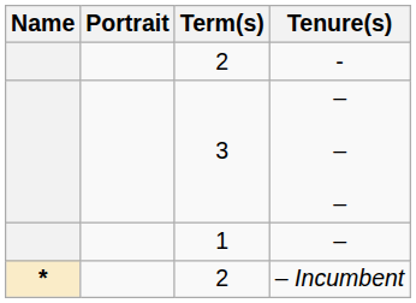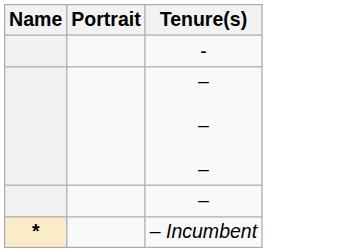 <table class="plainrowheaders wikitable" style="text-align:center">
 <tr align=center>
 <th scope=col>Name</th>
 <th scope=col>Portrait</th>
-<th scope=col>Term(s)</th>
 <th scope=col>Tenure(s)</th>
 </tr>
 <tr>
 <th scope=row></th>
 <td></td>
-<td>2</td>
 <td>- </td>
 </tr>
 <tr>
 <th scope=row></th>
 <td></td>
-<td>3</td>
 <td>–<br><br> – <br><br> – <br></td>
 </tr>
 <tr>
 <th scope=row></th>
 <td></td>
-<td>1</td>
 <td> –  </td>
 </tr>
 <tr>
 <th scope=row style="background:#faecc8">*</th>
 <td></td>
-<td>2</td>
 <td> – <em>Incumbent</em><br></td>
 </tr>
 </table>
